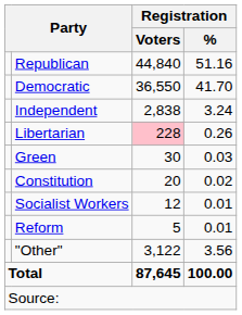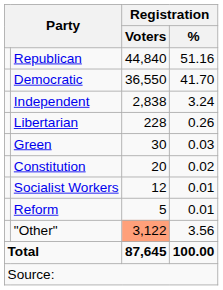 <table class="wikitable">
 <tr>
 <th colspan="2" rowspan="2">Party</th>
 <th colspan="2">Registration</th>
 </tr>
 <tr>
 <th>Voters</th>
 <th>%</th>
 </tr>
 <tr>
 <td style="background-color:"></td>
 <td><a href='#'>Republican</a></td>
 <td style="text-align:right;">44,840</td>
 <td style="text-align:right;">51.16</td>
 </tr>
 <tr>
 <td style="background-color:"></td>
 <td><a href='#'>Democratic</a></td>
 <td style="text-align:right;">36,550</td>
 <td style="text-align:right;">41.70</td>
 </tr>
 <tr>
 <td style="background-color:"></td>
 <td><a href='#'>Independent</a></td>
 <td style="text-align:right;">2,838</td>
 <td style="text-align:right;">3.24</td>
 </tr>
 <tr>
 <td style="background-color:"></td>
 <td><a href='#'>Libertarian</a></td>
-<td style="background: pink; text-align:right;">228</td>
+<td style="text-align:right;">228</td>
 <td style="text-align:right;">0.26</td>
 </tr>
 <tr>
 <td style="background-color:"></td>
 <td><a href='#'>Green</a></td>
 <td style="text-align:right;">30</td>
 <td style="text-align:right;">0.03</td>
 </tr>
 <tr>
 <td style="background-color:"></td>
 <td><a href='#'>Constitution</a></td>
 <td style="text-align:right;">20</td>
 <td style="text-align:right;">0.02</td>
 </tr>
 <tr>
 <td style="background-color:"></td>
 <td><a href='#'>Socialist Workers</a></td>
 <td style="text-align:right;">12</td>
 <td style="text-align:right;">0.01</td>
 </tr>
 <tr>
 <td style="background-color:"></td>
 <td><a href='#'>Reform</a></td>
 <td style="text-align:right;">5</td>
 <td style="text-align:right;">0.01</td>
 </tr>
 <tr>
 <td></td>
 <td>"Other"</td>
-<td style="text-align:right;">3,122</td>
+<td style="background: lightsalmon; text-align:right;">3,122</td>
 <td style="text-align:right;">3.56</td>
 </tr>
 <tr>
 <td colspan="2"><strong>Total</strong></td>
 <td style="text-align:right;"><strong>87,645</strong></td>
 <td style="text-align:right;"><strong>100.00</strong></td>
 </tr>
 <tr>
 <td colspan="4">Source: <em></em></td>
 </tr>
 </table>
